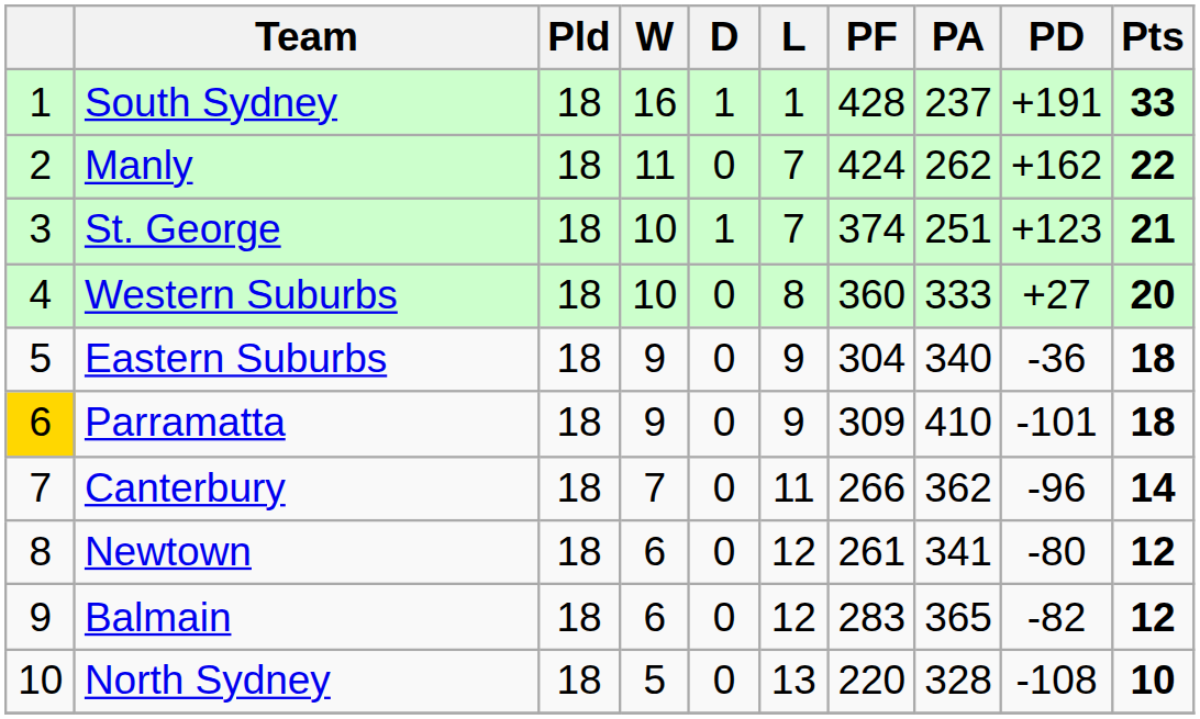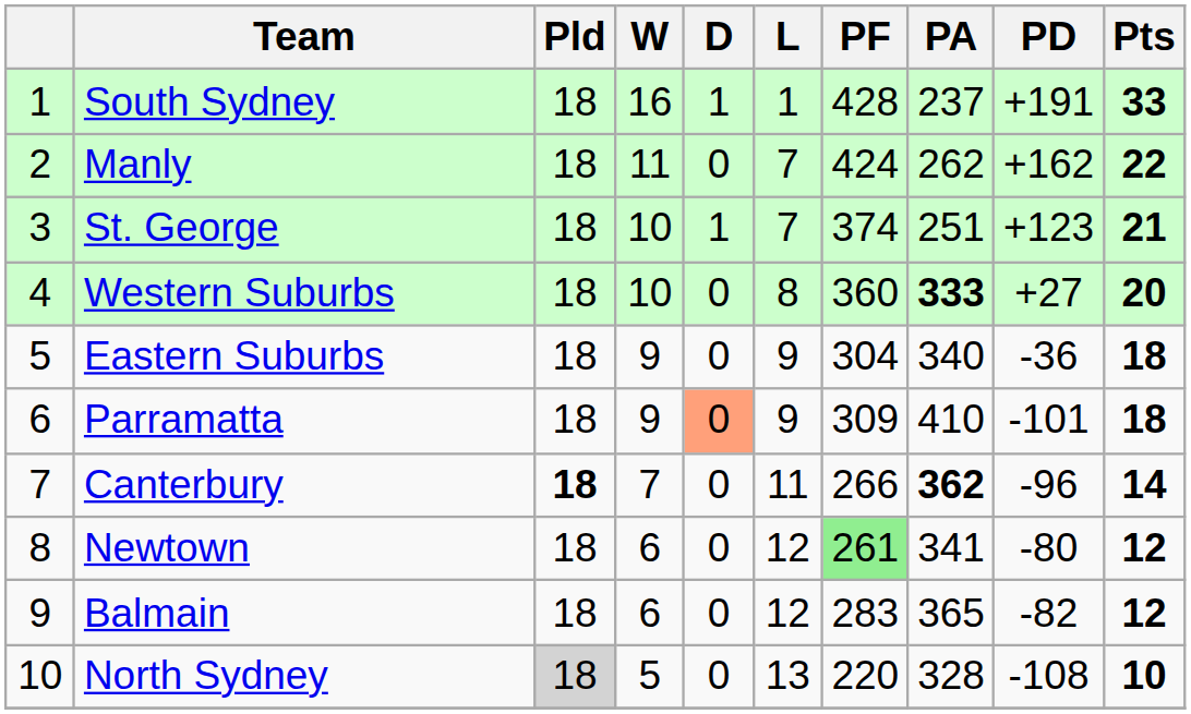 <table class="wikitable" style="text-align:center;">
 <tr>
 <th width=20 abbr="Position×"></th>
 <th width=175>Team</th>
 <th width=20 abbr="Played">Pld</th>
 <th width=20 abbr="Won">W</th>
 <th width=20 abbr="Drawn">D</th>
 <th width=20 abbr="Lost">L</th>
 <th width=20 abbr="Points for">PF</th>
 <th width=20 abbr="Points against">PA</th>
 <th width=20 abbr="Points difference">PD</th>
 <th width=20 abbr="Points">Pts</th>
 </tr>
 <tr style="background: #ccffcc;">
 <td>1</td>
 <td style="text-align:left;"> <a href='#'>South Sydney</a></td>
 <td>18</td>
 <td>16</td>
 <td>1</td>
 <td>1</td>
 <td>428</td>
 <td>237</td>
 <td>+191</td>
 <td><strong>33</strong></td>
 </tr>
 <tr style="background: #ccffcc;">
 <td>2</td>
 <td style="text-align:left;"> <a href='#'>Manly</a></td>
 <td>18</td>
 <td>11</td>
 <td>0</td>
 <td>7</td>
 <td>424</td>
 <td>262</td>
 <td>+162</td>
 <td><strong>22</strong></td>
 </tr>
 <tr style="background: #ccffcc;">
 <td>3</td>
 <td style="text-align:left;"> <a href='#'>St. George</a></td>
 <td>18</td>
 <td>10</td>
 <td>1</td>
 <td>7</td>
 <td>374</td>
 <td>251</td>
 <td>+123</td>
 <td><strong>21</strong></td>
 </tr>
 <tr style="background: #ccffcc;">
 <td>4</td>
 <td style="text-align:left;"> <a href='#'>Western Suburbs</a></td>
 <td>18</td>
 <td>10</td>
 <td>0</td>
 <td>8</td>
 <td>360</td>
-<td>333</td>
+<td><strong>333</strong></td>
 <td>+27</td>
 <td><strong>20</strong></td>
 </tr>
 <tr>
 <td>5</td>
 <td style="text-align:left;"> <a href='#'>Eastern Suburbs</a></td>
 <td>18</td>
 <td>9</td>
 <td>0</td>
 <td>9</td>
 <td>304</td>
 <td>340</td>
 <td>-36</td>
 <td><strong>18</strong></td>
 </tr>
 <tr>
-<td style="background: gold;">6</td>
+<td>6</td>
 <td style="text-align:left;"> <a href='#'>Parramatta</a></td>
 <td>18</td>
 <td>9</td>
-<td>0</td>
+<td style="background: lightsalmon;">0</td>
 <td>9</td>
 <td>309</td>
 <td>410</td>
 <td>-101</td>
 <td><strong>18</strong></td>
 </tr>
 <tr>
 <td>7</td>
 <td style="text-align:left;"> <a href='#'>Canterbury</a></td>
-<td>18</td>
+<td><strong>18</strong></td>
 <td>7</td>
 <td>0</td>
 <td>11</td>
 <td>266</td>
-<td>362</td>
+<td><strong>362</strong></td>
 <td>-96</td>
 <td><strong>14</strong></td>
 </tr>
 <tr>
 <td>8</td>
 <td style="text-align:left;"> <a href='#'>Newtown</a></td>
 <td>18</td>
 <td>6</td>
 <td>0</td>
 <td>12</td>
-<td>261</td>
+<td style="background: lightgreen;">261</td>
 <td>341</td>
 <td>-80</td>
 <td><strong>12</strong></td>
 </tr>
 <tr>
 <td>9</td>
 <td style="text-align:left;"> <a href='#'>Balmain</a></td>
 <td>18</td>
 <td>6</td>
 <td>0</td>
 <td>12</td>
 <td>283</td>
 <td>365</td>
 <td>-82</td>
 <td><strong>12</strong></td>
 </tr>
 <tr>
 <td>10</td>
 <td style="text-align:left;"> <a href='#'>North Sydney</a></td>
-<td>18</td>
+<td style="background: lightgrey;">18</td>
 <td>5</td>
 <td>0</td>
 <td>13</td>
 <td>220</td>
 <td>328</td>
 <td>-108</td>
 <td><strong>10</strong></td>
 </tr>
 <tr>
 </tr>
 </table>
